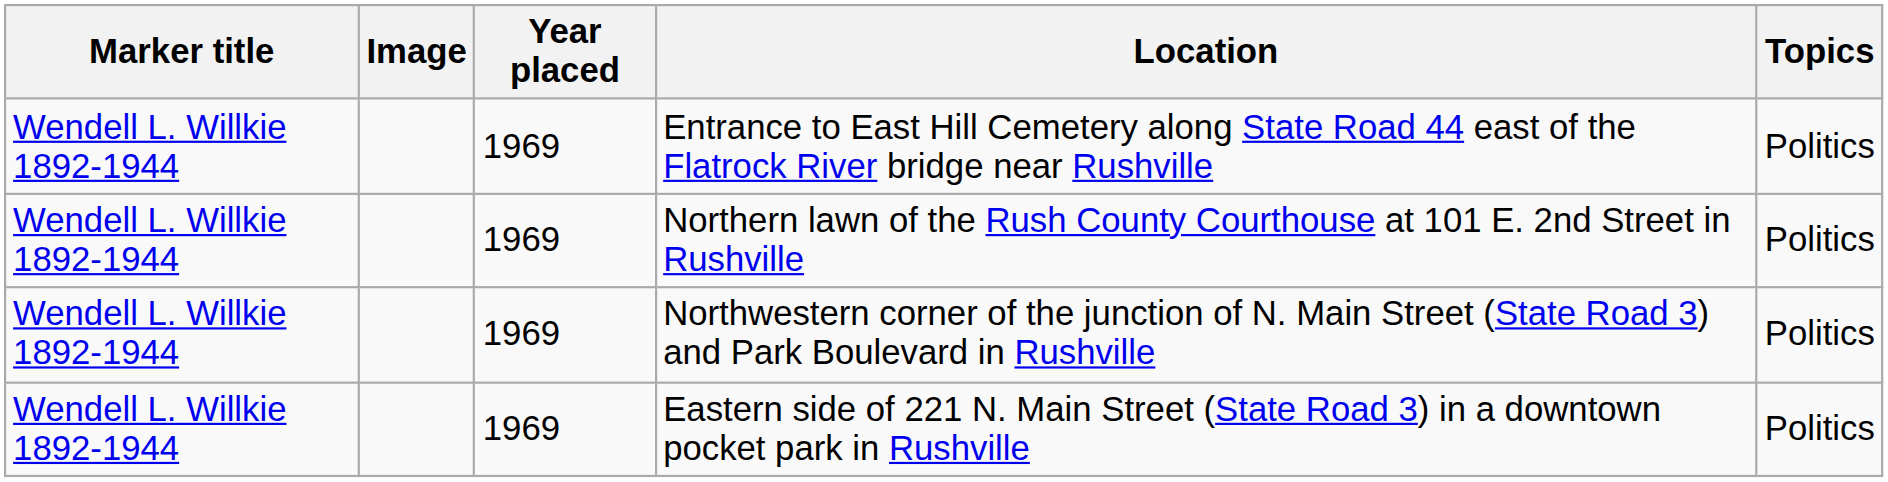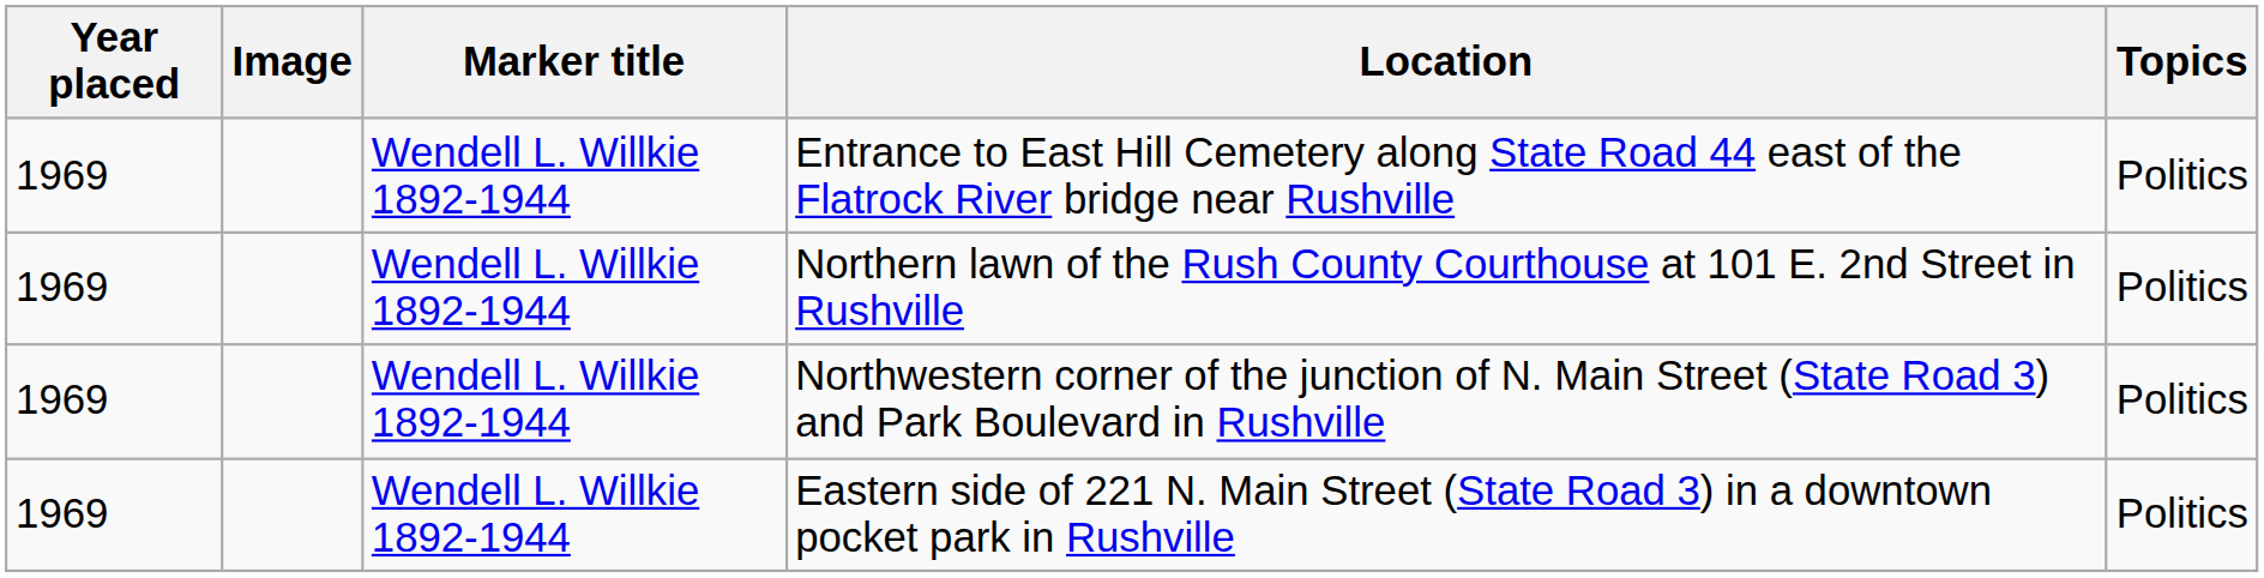 <table class="wikitable sortable" style="width:98%">
 <tr>
+<th>Year placed</th>
+<th class="unsortable">Image</th>
 <th>Marker title</th>
-<th class="unsortable">Image</th>
-<th>Year placed</th>
 <th>Location</th>
 <th>Topics</th>
 </tr>
 <tr>
+<td>1969</td>
+<td></td>
 <td><a href='#'>Wendell L. Willkie 1892-1944</a></td>
-<td></td>
-<td>1969</td>
 <td>Entrance to East Hill Cemetery along <a href='#'>State Road 44</a> east of the <a href='#'>Flatrock River</a> bridge near <a href='#'>Rushville</a><br><small></small></td>
 <td>Politics</td>
 </tr>
 <tr ->
+<td>1969</td>
+<td></td>
 <td><a href='#'>Wendell L. Willkie 1892-1944</a></td>
-<td></td>
-<td>1969</td>
 <td>Northern lawn of the <a href='#'>Rush County Courthouse</a> at 101 E. 2nd Street in <a href='#'>Rushville</a><br><small></small></td>
 <td>Politics</td>
 </tr>
 <tr ->
+<td>1969</td>
+<td></td>
 <td><a href='#'>Wendell L. Willkie 1892-1944</a></td>
-<td></td>
-<td>1969</td>
 <td>Northwestern corner of the junction of N. Main Street (<a href='#'>State Road 3</a>) and Park Boulevard in <a href='#'>Rushville</a><br><small></small></td>
 <td>Politics</td>
 </tr>
 <tr ->
+<td>1969</td>
+<td></td>
 <td><a href='#'>Wendell L. Willkie 1892-1944</a></td>
-<td></td>
-<td>1969</td>
 <td>Eastern side of 221 N. Main Street (<a href='#'>State Road 3</a>) in a downtown pocket park in <a href='#'>Rushville</a><br><small></small></td>
 <td>Politics</td>
 </tr>
 </table>
